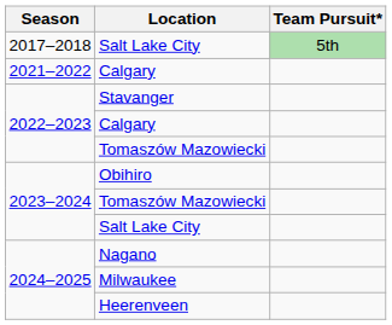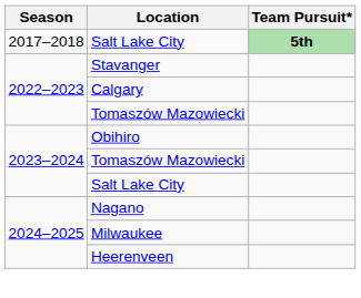 <table class="wikitable" style="display: inline-table;">
 <tr>
 <th>Season</th>
 <th>Location</th>
 <th colspan="1">Team Pursuit*</th>
 </tr>
 <tr style="text-align:center">
 <td>2017–2018</td>
 <td align=left> <a href='#'>Salt Lake City</a></td>
-<td style="background:#addfad;">5th</td>
-</tr>
-<tr style="text-align:center">
-<td><a href='#'>2021–2022</a></td>
-<td align=left> <a href='#'>Calgary</a></td>
-<td></td>
+<td style="background:#addfad;"><strong>5th</strong></td>
 </tr>
 <tr style="text-align:center">
 <td rowspan=3><a href='#'>2022–2023</a></td>
 <td align=left> <a href='#'>Stavanger</a></td>
 <td></td>
 </tr>
 <tr style="text-align:center">
 <td align=left> <a href='#'>Calgary</a></td>
 <td></td>
 </tr>
 <tr style="text-align:center">
 <td align=left> <a href='#'>Tomaszów Mazowiecki</a></td>
 <td></td>
 </tr>
 <tr style="text-align:center">
 <td rowspan=3><a href='#'>2023–2024</a></td>
 <td align=left> <a href='#'>Obihiro</a></td>
 <td></td>
 </tr>
 <tr style="text-align:center">
 <td align=left> <a href='#'>Tomaszów Mazowiecki</a></td>
 <td></td>
 </tr>
 <tr style="text-align:center">
 <td align=left> <a href='#'>Salt Lake City</a></td>
 <td></td>
 </tr>
 <tr style="text-align:center">
 <td rowspan=3><a href='#'>2024–2025</a></td>
 <td align=left> <a href='#'>Nagano</a></td>
 <td></td>
 </tr>
 <tr style="text-align:center">
 <td align=left> <a href='#'>Milwaukee</a></td>
 <td></td>
 </tr>
 <tr style="text-align:center">
 <td align=left> <a href='#'>Heerenveen</a></td>
 <td></td>
 </tr>
 </table>
